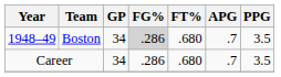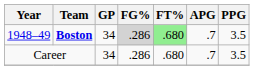 <table class="wikitable sortable" style="font-size:95%; text-align:right;">
 <tr>
 <th>Year</th>
 <th>Team</th>
 <th>GP</th>
 <th>FG%</th>
 <th>FT%</th>
 <th>APG</th>
 <th>PPG</th>
 </tr>
 <tr>
 <td style="text-align:left;"><a href='#'>1948–49</a></td>
-<td style="text-align:left;"><a href='#'>Boston</a></td>
+<td style="text-align:left;"><strong><a href='#'>Boston</a></strong></td>
 <td>34</td>
 <td style="background: lightgrey;">.286</td>
-<td>.680</td>
+<td style="background: lightgreen;">.680</td>
 <td>.7</td>
 <td>3.5</td>
 </tr>
 <tr>
 <td style="text-align:center;" colspan="2">Career</td>
 <td>34</td>
 <td>.286</td>
 <td>.680</td>
 <td>.7</td>
 <td>3.5</td>
 </tr>
 <tr>
 </tr>
 </table>
